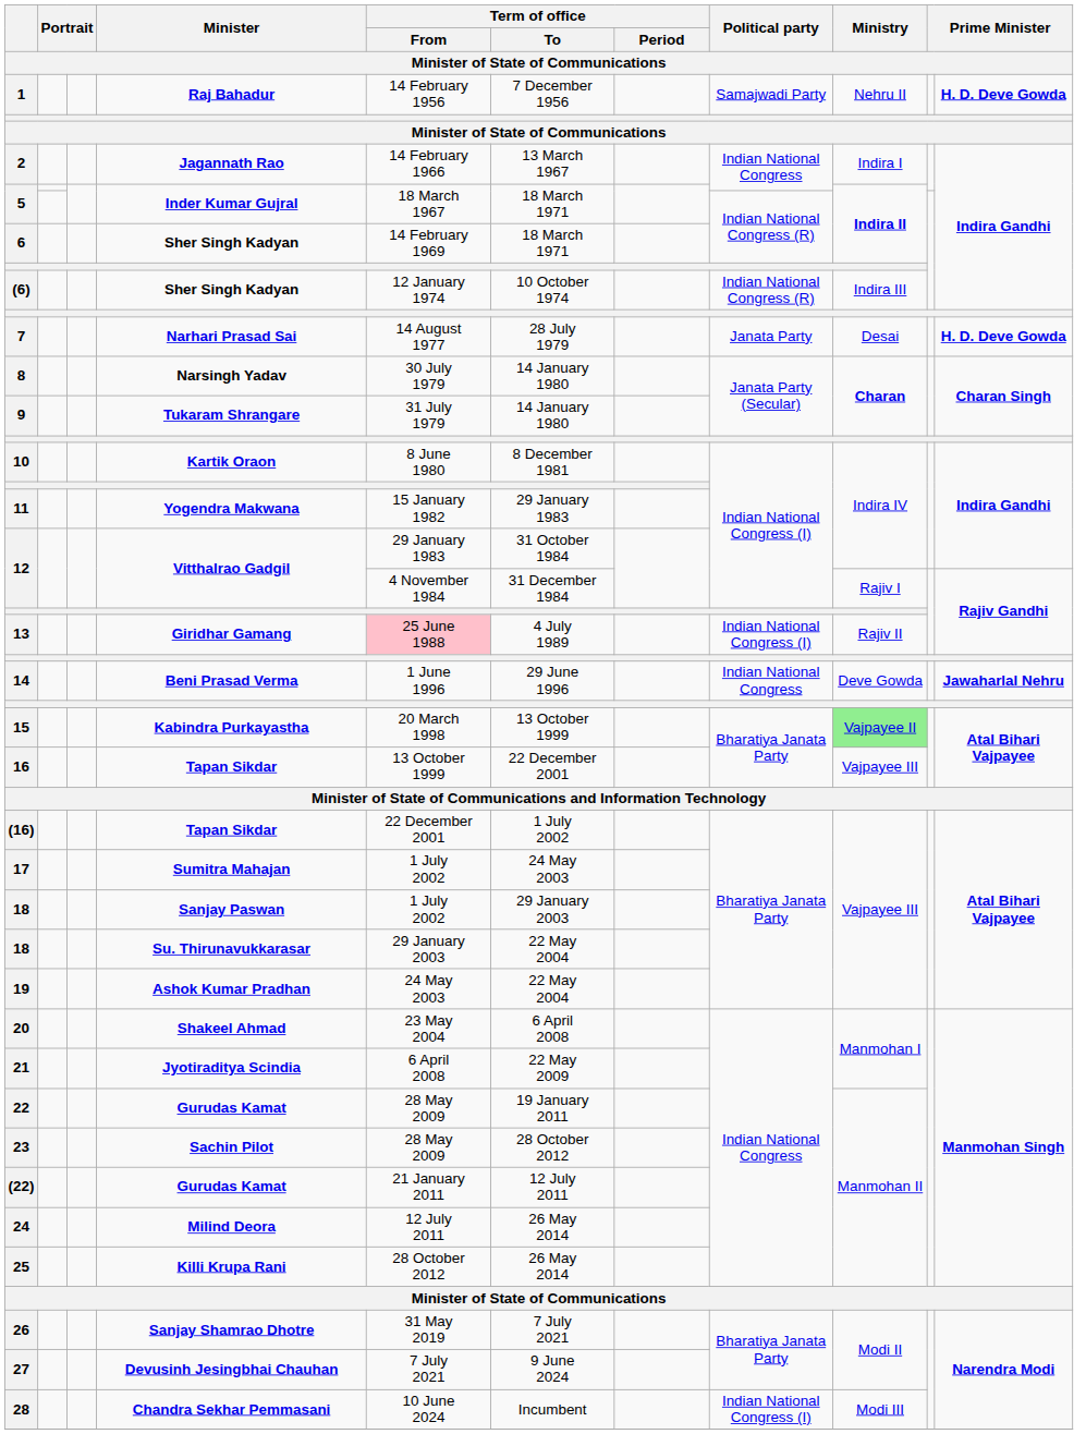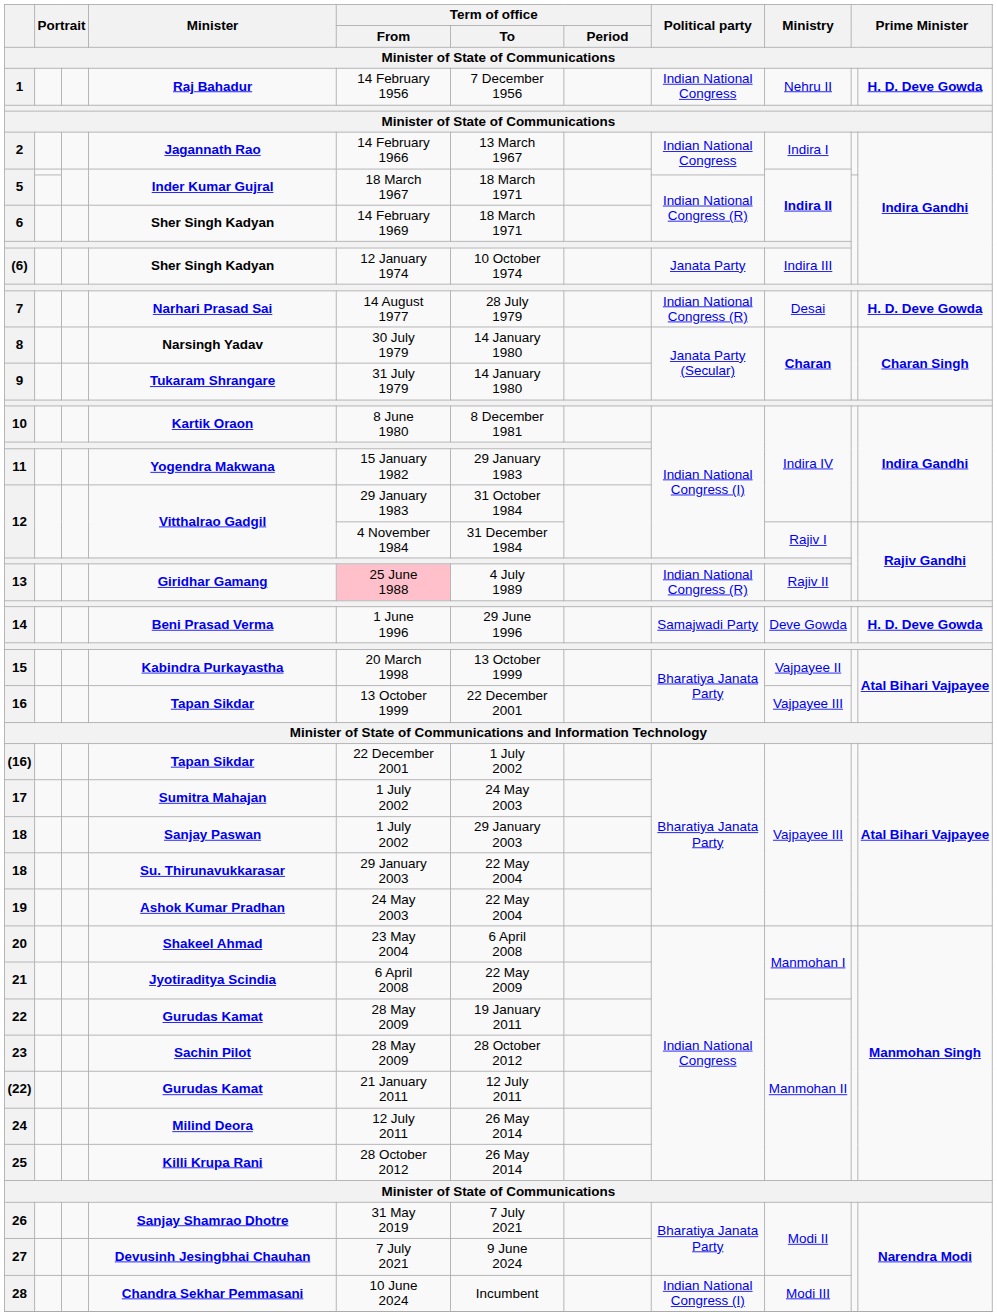 <table class="wikitable" style="text-align:center">
 <tr>
 <th rowspan="2"></th>
 <th rowspan="2" colspan="2">Portrait</th>
 <th rowspan="2" style="width:18em">Minister<br></th>
 <th colspan="3">Term of office</th>
 <th rowspan="2" style="width:8em">Political party</th>
 <th rowspan="2" style="width:6em">Ministry</th>
 <th rowspan="2" colspan="2">Prime Minister</th>
 </tr>
 <tr>
 <th style="width:8em">From</th>
 <th style="width:8em">To</th>
 <th style="width:6em">Period</th>
 </tr>
 <tr>
 <th colspan="11">Minister of State of Communications</th>
 </tr>
 <tr>
 <th>1</th>
 <td></td>
 <td></td>
 <td><strong><a href='#'>Raj Bahadur</a></strong><br></td>
 <td>14 February<br>1956</td>
 <td>7 December<br>1956</td>
 <td><strong></strong></td>
-<td><a href='#'>Samajwadi Party</a></td>
+<td><a href='#'>Indian National Congress</a></td>
 <td><a href='#'>Nehru II</a></td>
 <td></td>
 <td><strong><a href='#'>H. D. Deve Gowda</a></strong></td>
 </tr>
 <tr>
 <th colspan="11"></th>
 </tr>
 <tr>
 <th colspan="11">Minister of State of Communications</th>
 </tr>
 <tr>
 <th>2</th>
 <td></td>
 <td></td>
 <td><strong><a href='#'>Jagannath Rao</a></strong><br></td>
 <td>14 February<br>1966</td>
 <td>13 March<br>1967</td>
 <td><strong></strong></td>
 <td rowspan="2"><a href='#'>Indian National Congress</a></td>
 <td><a href='#'>Indira I</a></td>
 <td rowspan="2"></td>
 <td rowspan="6"><strong><a href='#'>Indira Gandhi</a></strong></td>
 </tr>
 <tr>
 <th rowspan="2">5</th>
 <td></td>
 <td rowspan="2"></td>
 <td rowspan="2"><strong><a href='#'>Inder Kumar Gujral</a></strong><br></td>
 <td rowspan="2">18 March<br>1967</td>
 <td rowspan="2">18 March<br>1971</td>
 <td rowspan="2"><strong></strong></td>
 <td rowspan="3"><strong><a href='#'>Indira II</a></strong></td>
 </tr>
 <tr>
 <td></td>
 <td rowspan="2"><a href='#'>Indian National Congress (R)</a></td>
 <td rowspan="4"></td>
 </tr>
 <tr>
 <th>6</th>
 <td></td>
 <td></td>
 <td><strong>Sher Singh Kadyan</strong><br></td>
 <td>14 February<br>1969</td>
 <td>18 March<br>1971</td>
 <td><strong></strong></td>
 </tr>
 <tr>
 <th colspan="9"></th>
 </tr>
 <tr>
 <th>(6)</th>
 <td></td>
 <td></td>
 <td><strong>Sher Singh Kadyan</strong><br></td>
 <td>12 January<br>1974</td>
 <td>10 October<br>1974</td>
 <td><strong></strong></td>
-<td><a href='#'>Indian National Congress (R)</a></td>
+<td><a href='#'>Janata Party</a></td>
 <td><a href='#'>Indira III</a></td>
 </tr>
 <tr>
 <th colspan="11"></th>
 </tr>
 <tr>
 <th>7</th>
 <td></td>
 <td></td>
 <td><strong><a href='#'>Narhari Prasad Sai</a></strong><br></td>
 <td>14 August<br>1977</td>
 <td>28 July<br>1979</td>
 <td><strong></strong></td>
-<td><a href='#'>Janata Party</a></td>
+<td><a href='#'>Indian National Congress (R)</a></td>
 <td><a href='#'>Desai</a></td>
 <td></td>
 <td><strong><a href='#'>H. D. Deve Gowda</a></strong></td>
 </tr>
 <tr>
 <th>8</th>
 <td></td>
 <td></td>
 <td><strong>Narsingh Yadav</strong><br></td>
 <td>30 July<br>1979</td>
 <td>14 January<br>1980</td>
 <td><strong></strong></td>
 <td rowspan="2"><a href='#'>Janata Party (Secular)</a></td>
 <td rowspan="2"><strong><a href='#'>Charan</a></strong></td>
 <td rowspan="2"></td>
 <td rowspan="2"><strong><a href='#'>Charan Singh</a></strong></td>
 </tr>
 <tr>
 <th>9</th>
 <td></td>
 <td></td>
 <td><strong><a href='#'>Tukaram Shrangare</a></strong><br></td>
 <td>31 July<br>1979</td>
 <td>14 January<br>1980</td>
 <td><strong></strong></td>
 </tr>
 <tr>
 <th colspan="11"></th>
 </tr>
 <tr>
 <th>10</th>
 <td></td>
 <td></td>
 <td><strong><a href='#'>Kartik Oraon</a></strong><br></td>
 <td>8 June<br>1980</td>
 <td>8 December<br>1981<br></td>
 <td><strong></strong></td>
 <td rowspan="5"><a href='#'>Indian National Congress (I)</a></td>
 <td rowspan="4"><a href='#'>Indira IV</a></td>
 <td rowspan="4"></td>
 <td rowspan="4"><strong><a href='#'>Indira Gandhi</a></strong></td>
 </tr>
 <tr>
 <th colspan="7"></th>
 </tr>
 <tr>
 <th>11</th>
 <td></td>
 <td></td>
 <td><strong><a href='#'>Yogendra Makwana</a></strong><br></td>
 <td>15 January<br>1982</td>
 <td>29 January<br>1983</td>
 <td><strong></strong></td>
 </tr>
 <tr>
 <th rowspan="2">12</th>
 <td rowspan="2"></td>
 <td rowspan="2"></td>
 <td rowspan="2"><strong><a href='#'>Vitthalrao Gadgil</a></strong><br></td>
 <td>29 January<br>1983</td>
 <td>31 October<br>1984</td>
 <td rowspan="2"><strong></strong></td>
 </tr>
 <tr>
 <td>4 November<br>1984</td>
 <td>31 December<br>1984</td>
 <td><a href='#'>Rajiv I</a></td>
 <td rowspan="3"></td>
 <td rowspan="3"><strong><a href='#'>Rajiv Gandhi</a></strong></td>
 </tr>
 <tr>
 <th colspan="9"></th>
 </tr>
 <tr>
 <th>13</th>
 <td></td>
 <td></td>
 <td><strong><a href='#'>Giridhar Gamang</a></strong><br></td>
 <td style="background: pink;">25 June<br>1988</td>
 <td>4 July<br>1989</td>
 <td><strong></strong></td>
-<td><a href='#'>Indian National Congress (I)</a></td>
+<td><a href='#'>Indian National Congress (R)</a></td>
 <td><a href='#'>Rajiv II</a></td>
 </tr>
 <tr>
 <th colspan="11"></th>
 </tr>
 <tr>
 <th>14</th>
 <td></td>
 <td></td>
 <td><strong><a href='#'>Beni Prasad Verma</a></strong><br></td>
 <td>1 June<br>1996</td>
 <td>29 June<br>1996</td>
 <td><strong></strong></td>
-<td><a href='#'>Indian National Congress</a></td>
+<td><a href='#'>Samajwadi Party</a></td>
 <td><a href='#'>Deve Gowda</a></td>
 <td></td>
-<td style="width:9em"><strong><a href='#'>Jawaharlal Nehru</a></strong></td>
+<td><strong><a href='#'>H. D. Deve Gowda</a></strong></td>
 </tr>
 <tr>
 <th colspan="11"></th>
 </tr>
 <tr>
 <th>15</th>
 <td></td>
 <td></td>
 <td><strong><a href='#'>Kabindra Purkayastha</a></strong><br></td>
 <td>20 March<br>1998</td>
 <td>13 October<br>1999</td>
 <td><strong></strong></td>
 <td rowspan="2"><a href='#'>Bharatiya Janata Party</a></td>
-<td style="background: lightgreen;"><a href='#'>Vajpayee II</a></td>
+<td><a href='#'>Vajpayee II</a></td>
 <td rowspan="2"></td>
 <td rowspan="2"><strong><a href='#'>Atal Bihari Vajpayee</a></strong></td>
 </tr>
 <tr>
 <th>16</th>
 <td></td>
 <td></td>
 <td><strong><a href='#'>Tapan Sikdar</a></strong><br></td>
 <td>13 October<br>1999</td>
 <td>22 December<br>2001</td>
 <td><strong></strong></td>
 <td><a href='#'>Vajpayee III</a></td>
 </tr>
 <tr>
 <th colspan="11">Minister of State of Communications and Information Technology</th>
 </tr>
 <tr>
 <th>(16)</th>
 <td></td>
 <td></td>
 <td><strong><a href='#'>Tapan Sikdar</a></strong><br></td>
 <td>22 December<br>2001</td>
 <td>1 July<br>2002</td>
 <td><strong></strong></td>
 <td rowspan="5"><a href='#'>Bharatiya Janata Party</a></td>
 <td rowspan="5"><a href='#'>Vajpayee III</a></td>
 <td rowspan="5"></td>
 <td rowspan="5"><strong><a href='#'>Atal Bihari Vajpayee</a></strong></td>
 </tr>
 <tr>
 <th>17</th>
 <td></td>
 <td></td>
 <td><strong><a href='#'>Sumitra Mahajan</a></strong><br></td>
 <td>1 July<br>2002</td>
 <td>24 May<br>2003</td>
 <td><strong></strong></td>
 </tr>
 <tr>
 <th>18</th>
 <td></td>
 <td></td>
 <td><strong><a href='#'>Sanjay Paswan</a></strong><br></td>
 <td>1 July<br>2002</td>
 <td>29 January<br>2003</td>
 <td><strong></strong></td>
 </tr>
 <tr>
 <th>18</th>
 <td></td>
 <td></td>
 <td><strong><a href='#'>Su. Thirunavukkarasar</a></strong><br></td>
 <td>29 January<br>2003</td>
 <td>22 May<br>2004</td>
 <td><strong></strong></td>
 </tr>
 <tr>
 <th>19</th>
 <td></td>
 <td></td>
 <td><strong><a href='#'>Ashok Kumar Pradhan</a></strong><br></td>
 <td>24 May<br>2003</td>
 <td>22 May<br>2004</td>
 <td><strong></strong></td>
 </tr>
 <tr>
 <th>20</th>
 <td></td>
 <td></td>
 <td><strong><a href='#'>Shakeel Ahmad</a></strong><br></td>
 <td>23 May<br>2004</td>
 <td>6 April<br>2008</td>
 <td><strong></strong></td>
 <td rowspan="7"><a href='#'>Indian National Congress</a></td>
 <td rowspan="2"><a href='#'>Manmohan I</a></td>
 <td rowspan="7"></td>
 <td rowspan="7"><strong><a href='#'>Manmohan Singh</a></strong></td>
 </tr>
 <tr>
 <th>21</th>
 <td></td>
 <td></td>
 <td><strong><a href='#'>Jyotiraditya Scindia</a></strong><br></td>
 <td>6 April<br>2008</td>
 <td>22 May<br>2009</td>
 <td><strong></strong></td>
 </tr>
 <tr>
 <th>22</th>
 <td></td>
 <td></td>
 <td><strong><a href='#'>Gurudas Kamat</a></strong><br></td>
 <td>28 May<br>2009</td>
 <td>19 January<br>2011</td>
 <td><strong></strong></td>
 <td rowspan="5"><a href='#'>Manmohan II</a></td>
 </tr>
 <tr>
 <th>23</th>
 <td></td>
 <td></td>
 <td><strong><a href='#'>Sachin Pilot</a></strong><br></td>
 <td>28 May<br>2009</td>
 <td>28 October<br>2012</td>
 <td><strong></strong></td>
 </tr>
 <tr>
 <th>(22)</th>
 <td></td>
 <td></td>
 <td><strong><a href='#'>Gurudas Kamat</a></strong><br></td>
 <td>21 January<br>2011</td>
 <td>12 July<br>2011</td>
 <td><strong></strong></td>
 </tr>
 <tr>
 <th>24</th>
 <td></td>
 <td></td>
 <td><strong><a href='#'>Milind Deora</a></strong><br></td>
 <td>12 July<br>2011</td>
 <td>26 May<br>2014</td>
 <td><strong></strong></td>
 </tr>
 <tr>
 <th>25</th>
 <td></td>
 <td></td>
 <td><strong><a href='#'>Killi Krupa Rani</a></strong><br></td>
 <td>28 October<br>2012</td>
 <td>26 May<br>2014</td>
 <td><strong></strong></td>
 </tr>
 <tr>
 <th colspan="11">Minister of State of Communications</th>
 </tr>
 <tr>
 <th>26</th>
 <td></td>
 <td></td>
 <td><strong><a href='#'>Sanjay Shamrao Dhotre</a></strong><br></td>
 <td>31 May<br>2019</td>
 <td>7 July<br>2021</td>
 <td><strong></strong></td>
 <td rowspan="2"><a href='#'>Bharatiya Janata Party</a></td>
 <td rowspan="2"><a href='#'>Modi II</a></td>
 <td rowspan="3"></td>
 <td rowspan="3"><strong><a href='#'>Narendra Modi</a></strong></td>
 </tr>
 <tr>
 <th>27</th>
 <td></td>
 <td></td>
 <td><strong><a href='#'>Devusinh Jesingbhai Chauhan</a></strong><br></td>
 <td>7 July<br>2021</td>
 <td>9 June<br>2024</td>
 <td><strong></strong></td>
 </tr>
 <tr>
 <th>28</th>
 <td></td>
 <td></td>
 <td><strong><a href='#'>Chandra Sekhar Pemmasani</a></strong><br></td>
 <td>10 June<br>2024</td>
 <td>Incumbent</td>
 <td><strong></strong></td>
 <td><a href='#'>Indian National Congress (I)</a></td>
 <td><a href='#'>Modi III</a></td>
 </tr>
 <tr>
 </tr>
 </table>
